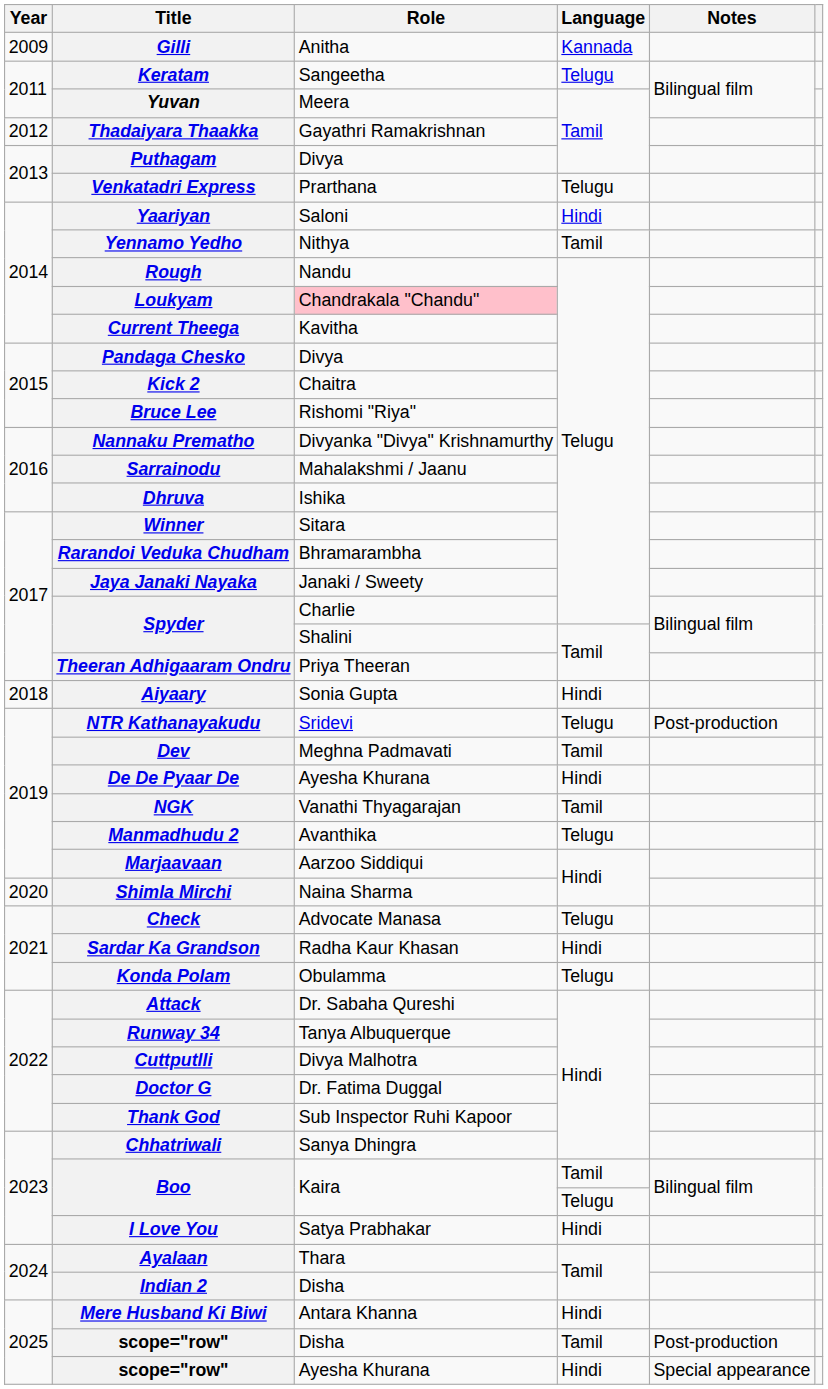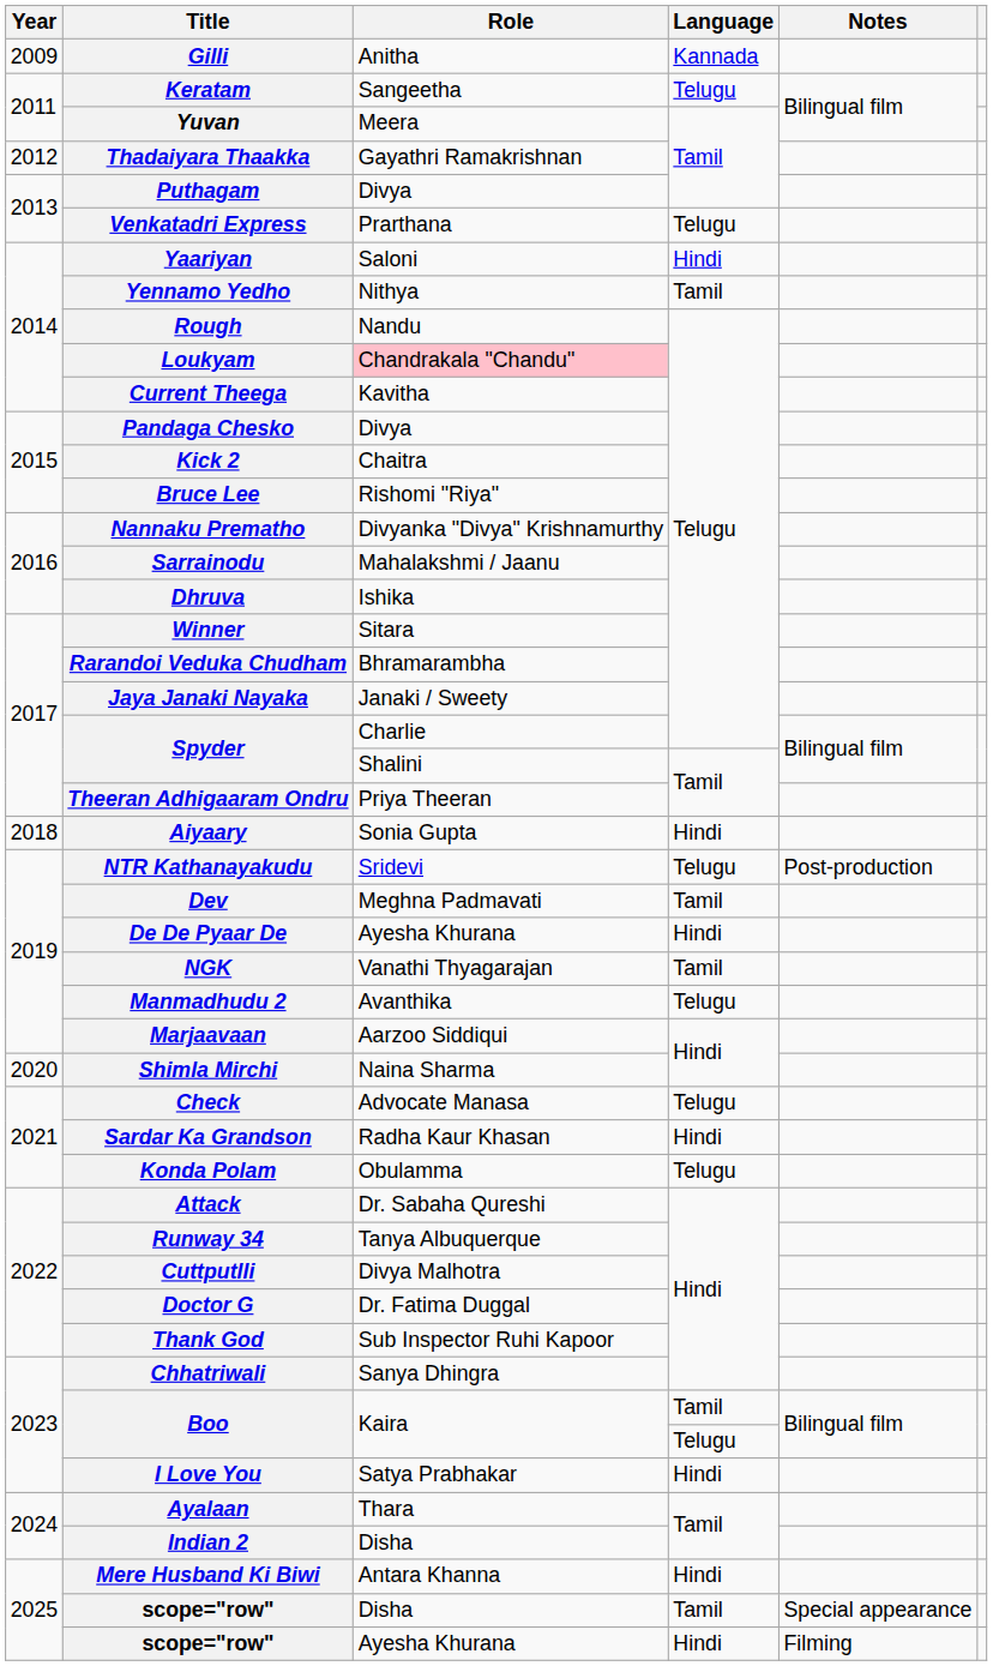 <table class="wikitable sortable plainrowheaders" style="margin-right: 0;">
 <tr>
 <th scope="col">Year</th>
 <th scope="col">Title</th>
 <th scope="col">Role</th>
 <th scope="col">Language</th>
 <th scope="col" class="unsortable">Notes</th>
 <th scope="col" class="unsortable"></th>
 </tr>
 <tr>
 <td>2009</td>
 <th scope="row"><em><a href='#'>Gilli</a></em></th>
 <td>Anitha</td>
 <td><a href='#'>Kannada</a></td>
 <td></td>
 <td></td>
 </tr>
 <tr>
 <td rowspan="2">2011</td>
 <th scope="row"><em><a href='#'>Keratam</a></em></th>
 <td>Sangeetha</td>
 <td><a href='#'>Telugu</a></td>
 <td rowspan="2">Bilingual film</td>
 <td></td>
 </tr>
 <tr>
 <th scope="row"><em>Yuvan</em></th>
 <td>Meera</td>
 <td rowspan="3"><a href='#'>Tamil</a></td>
 <td></td>
 </tr>
 <tr>
 <td>2012</td>
 <th scope="row"><em><a href='#'>Thadaiyara Thaakka</a></em></th>
 <td>Gayathri Ramakrishnan</td>
 <td></td>
 <td></td>
 </tr>
 <tr>
 <td rowspan="2">2013</td>
 <th scope="row"><em><a href='#'>Puthagam</a></em></th>
 <td>Divya</td>
 <td></td>
 <td></td>
 </tr>
 <tr>
 <th scope="row"><em><a href='#'>Venkatadri Express</a></em></th>
 <td>Prarthana</td>
 <td>Telugu</td>
 <td></td>
 <td></td>
 </tr>
 <tr>
 <td rowspan="5">2014</td>
 <th scope="row"><em><a href='#'>Yaariyan</a></em></th>
 <td>Saloni</td>
 <td><a href='#'>Hindi</a></td>
 <td></td>
 <td></td>
 </tr>
 <tr>
 <th scope="row"><em><a href='#'>Yennamo Yedho</a></em></th>
 <td>Nithya</td>
 <td>Tamil</td>
 <td></td>
 <td></td>
 </tr>
 <tr>
 <th scope="row"><em><a href='#'>Rough</a></em></th>
 <td>Nandu</td>
 <td rowspan="13">Telugu</td>
 <td></td>
 <td></td>
 </tr>
 <tr>
 <th scope="row"><em><a href='#'>Loukyam</a></em></th>
 <td style="background: pink;">Chandrakala "Chandu"</td>
 <td></td>
 <td></td>
 </tr>
 <tr>
 <th scope="row"><em><a href='#'>Current Theega</a></em></th>
 <td>Kavitha</td>
 <td></td>
 <td></td>
 </tr>
 <tr>
 <td rowspan="3">2015</td>
 <th scope="row"><em><a href='#'>Pandaga Chesko</a></em></th>
 <td>Divya</td>
 <td></td>
 <td></td>
 </tr>
 <tr>
 <th scope="row"><em><a href='#'>Kick 2</a></em></th>
 <td>Chaitra</td>
 <td></td>
 <td></td>
 </tr>
 <tr>
 <th scope="row"><em><a href='#'>Bruce Lee</a></em></th>
 <td>Rishomi "Riya"</td>
 <td></td>
 <td></td>
 </tr>
 <tr>
 <td rowspan="3">2016</td>
 <th scope="row"><em><a href='#'>Nannaku Prematho</a></em></th>
 <td>Divyanka "Divya" Krishnamurthy</td>
 <td></td>
 <td></td>
 </tr>
 <tr>
 <th scope="row"><em><a href='#'>Sarrainodu</a></em></th>
 <td>Mahalakshmi / Jaanu</td>
 <td></td>
 <td></td>
 </tr>
 <tr>
 <th scope="row"><em><a href='#'>Dhruva</a></em></th>
 <td>Ishika</td>
 <td></td>
 <td></td>
 </tr>
 <tr>
 <td rowspan="6">2017</td>
 <th scope="row"><em><a href='#'>Winner</a></em></th>
 <td>Sitara</td>
 <td></td>
 <td></td>
 </tr>
 <tr>
 <th scope="row"><em><a href='#'>Rarandoi Veduka Chudham</a></em></th>
 <td>Bhramarambha</td>
 <td></td>
 <td></td>
 </tr>
 <tr>
 <th scope="row"><em><a href='#'>Jaya Janaki Nayaka</a></em></th>
 <td>Janaki / Sweety</td>
 <td></td>
 <td></td>
 </tr>
 <tr>
 <th scope="row" rowspan=2><em><a href='#'>Spyder</a></em></th>
 <td>Charlie</td>
 <td rowspan=2>Bilingual film</td>
 <td rowspan=2></td>
 </tr>
 <tr>
 <td>Shalini</td>
 <td rowspan=2>Tamil</td>
 </tr>
 <tr>
 <th scope="row"><em><a href='#'>Theeran Adhigaaram Ondru</a></em></th>
 <td>Priya Theeran</td>
 <td></td>
 <td></td>
 </tr>
 <tr>
 <td>2018</td>
 <th scope="row"><em><a href='#'>Aiyaary</a></em></th>
 <td>Sonia Gupta</td>
 <td>Hindi</td>
 <td></td>
 <td></td>
 </tr>
 <tr>
 <td rowspan="6">2019</td>
 <th scope="row"><em><a href='#'>NTR Kathanayakudu</a></em></th>
 <td><a href='#'>Sridevi</a></td>
 <td>Telugu</td>
 <td>Post-production</td>
 <td></td>
 </tr>
 <tr>
 <th scope="row"><em><a href='#'>Dev</a></em></th>
 <td>Meghna Padmavati</td>
 <td>Tamil</td>
 <td></td>
 <td></td>
 </tr>
 <tr>
 <th scope="row"><em><a href='#'>De De Pyaar De</a></em></th>
 <td>Ayesha Khurana</td>
 <td>Hindi</td>
 <td></td>
 <td></td>
 </tr>
 <tr>
 <th scope="row"><em><a href='#'>NGK</a></em></th>
 <td>Vanathi Thyagarajan</td>
 <td>Tamil</td>
 <td></td>
 <td></td>
 </tr>
 <tr>
 <th scope="row"><em><a href='#'>Manmadhudu 2</a></em></th>
 <td>Avanthika</td>
 <td>Telugu</td>
 <td></td>
 <td></td>
 </tr>
 <tr>
 <th scope="row"><em><a href='#'>Marjaavaan</a></em></th>
 <td>Aarzoo Siddiqui</td>
 <td rowspan=2>Hindi</td>
 <td></td>
 <td></td>
 </tr>
 <tr>
 <td>2020</td>
 <th scope="row"><em><a href='#'>Shimla Mirchi</a></em></th>
 <td>Naina Sharma</td>
 <td></td>
 <td></td>
 </tr>
 <tr>
 <td rowspan="3">2021</td>
 <th scope="row"><em><a href='#'>Check</a></em></th>
 <td>Advocate Manasa</td>
 <td>Telugu</td>
 <td></td>
 <td></td>
 </tr>
 <tr>
 <th scope="row"><em><a href='#'>Sardar Ka Grandson</a></em></th>
 <td>Radha Kaur Khasan</td>
 <td>Hindi</td>
 <td></td>
 <td></td>
 </tr>
 <tr>
 <th scope="row"><em><a href='#'>Konda Polam</a></em></th>
 <td>Obulamma</td>
 <td>Telugu</td>
 <td></td>
 <td></td>
 </tr>
 <tr>
 <td rowspan="5">2022</td>
 <th scope="row"><em><a href='#'>Attack</a></em></th>
 <td>Dr. Sabaha Qureshi</td>
 <td rowspan="6">Hindi</td>
 <td></td>
 <td></td>
 </tr>
 <tr>
 <th scope="row"><em><a href='#'>Runway 34</a></em></th>
 <td>Tanya Albuquerque</td>
 <td></td>
 <td></td>
 </tr>
 <tr>
 <th scope="row"><em><a href='#'>Cuttputlli</a></em></th>
 <td>Divya Malhotra</td>
 <td></td>
 <td></td>
 </tr>
 <tr>
 <th scope="row"><em><a href='#'>Doctor G</a></em></th>
 <td>Dr. Fatima Duggal</td>
 <td></td>
 <td></td>
 </tr>
 <tr>
 <th scope="row"><em><a href='#'>Thank God</a></em></th>
 <td>Sub Inspector Ruhi Kapoor</td>
 <td></td>
 <td></td>
 </tr>
 <tr>
 <td rowspan="4">2023</td>
 <th scope="row"><em><a href='#'>Chhatriwali</a></em></th>
 <td>Sanya Dhingra</td>
 <td></td>
 <td></td>
 </tr>
 <tr>
 <th scope="row" rowspan="2"><em><a href='#'>Boo</a></em></th>
 <td rowspan="2">Kaira</td>
 <td>Tamil</td>
 <td rowspan="2">Bilingual film</td>
 <td rowspan="2"></td>
 </tr>
 <tr>
 <td>Telugu</td>
 </tr>
 <tr>
 <th scope="row"><em><a href='#'>I Love You</a></em></th>
 <td>Satya Prabhakar</td>
 <td>Hindi</td>
 <td></td>
 <td></td>
 </tr>
 <tr>
 <td rowspan="2">2024</td>
 <th scope="row"><em><a href='#'>Ayalaan</a></em></th>
 <td>Thara</td>
 <td rowspan="2">Tamil</td>
 <td></td>
 <td></td>
 </tr>
 <tr>
 <th scope="row"><em><a href='#'>Indian 2</a></em></th>
 <td>Disha</td>
 <td></td>
 <td></td>
 </tr>
 <tr>
 <td rowspan="3">2025</td>
 <th scope="row"><em><a href='#'>Mere Husband Ki Biwi</a></em></th>
 <td>Antara Khanna</td>
 <td>Hindi</td>
 <td></td>
 <td></td>
 </tr>
 <tr>
 <th>scope="row"  </th>
 <td>Disha</td>
 <td>Tamil</td>
-<td>Post-production</td>
+<td>Special appearance</td>
 <td></td>
 </tr>
 <tr>
 <th>scope="row" </th>
 <td>Ayesha Khurana</td>
 <td>Hindi</td>
-<td>Special appearance</td>
+<td>Filming</td>
 <td></td>
 </tr>
 </table>
